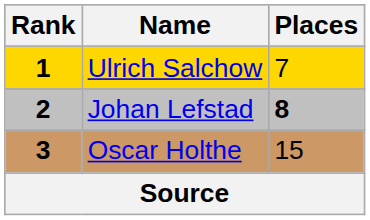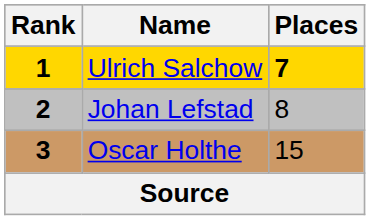 <table class="wikitable">
 <tr>
 <th>Rank</th>
 <th>Name</th>
 <th>Places</th>
 </tr>
 <tr bgcolor="gold">
 <td align="center"><strong>1</strong></td>
 <td> <a href='#'>Ulrich Salchow</a></td>
-<td>7</td>
+<td><strong>7</strong></td>
 </tr>
 <tr bgcolor="silver">
 <td align="center"><strong>2</strong></td>
 <td> <a href='#'>Johan Lefstad</a></td>
-<td><strong>8</strong></td>
+<td>8</td>
 </tr>
 <tr bgcolor="cc9966">
 <td align="center"><strong>3</strong></td>
 <td> <a href='#'>Oscar Holthe</a></td>
 <td>15</td>
 </tr>
 <tr>
 <th colspan=3>Source</th>
 </tr>
 </table>
